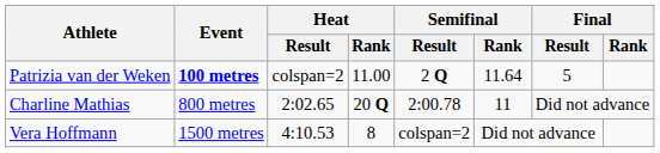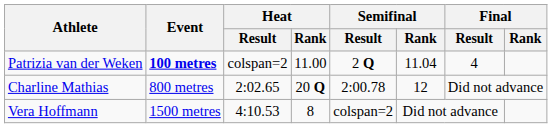 <table class=wikitable style=font-size:90%>
 <tr>
 <th rowspan=2>Athlete</th>
 <th rowspan=2>Event</th>
 <th colspan=2>Heat</th>
 <th colspan=2>Semifinal</th>
 <th colspan=2>Final</th>
 </tr>
 <tr style=font-size:95%>
 <th>Result</th>
 <th>Rank</th>
 <th>Result</th>
 <th>Rank</th>
 <th>Result</th>
 <th>Rank</th>
 </tr>
 <tr align=center>
 <td align=left><a href='#'>Patrizia van der Weken</a></td>
 <td align=left><strong><a href='#'>100 metres</a></strong></td>
 <td>colspan=2</td>
 <td>11.00 </td>
 <td>2 <strong>Q</strong></td>
-<td>11.64</td>
-<td>5</td>
+<td>11.04</td>
+<td>4</td>
 </tr>
 <tr align=center>
 <td align=left><a href='#'>Charline Mathias</a></td>
 <td align=left><a href='#'>800 metres</a></td>
 <td>2:02.65</td>
 <td>20 <strong>Q</strong></td>
 <td>2:00.78 </td>
-<td>11</td>
+<td>12</td>
 <td colspan=2>Did not advance</td>
 </tr>
 <tr align=center>
 <td align=left><a href='#'>Vera Hoffmann</a></td>
 <td align=left><a href='#'>1500 metres</a></td>
 <td>4:10.53</td>
 <td>8</td>
 <td>colspan=2</td>
 <td colspan=2>Did not advance</td>
 </tr>
 </table>
